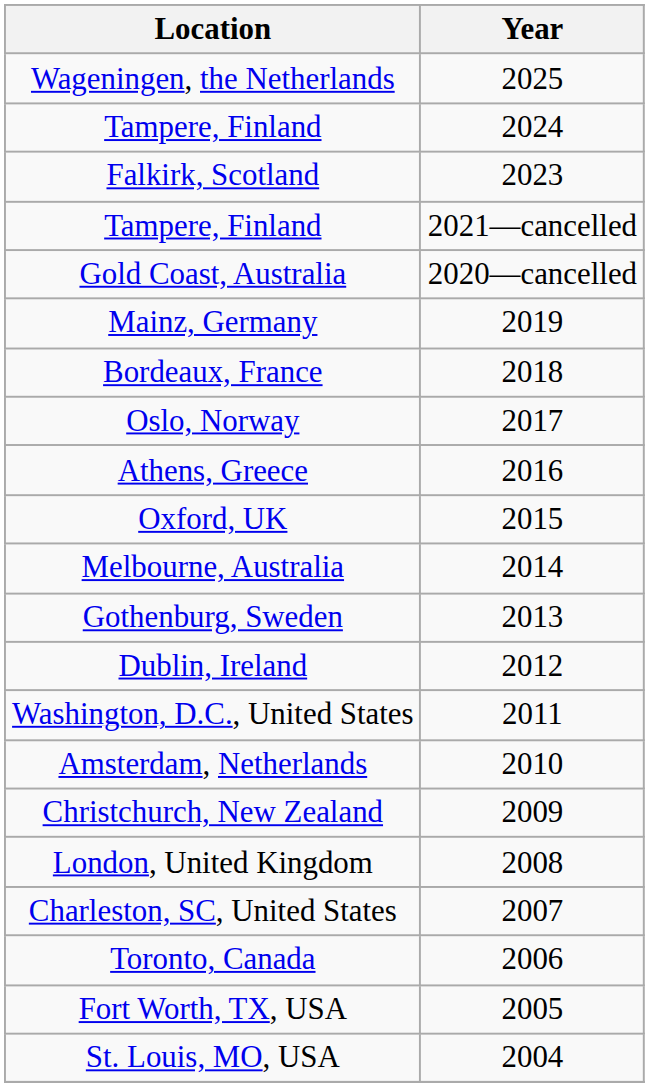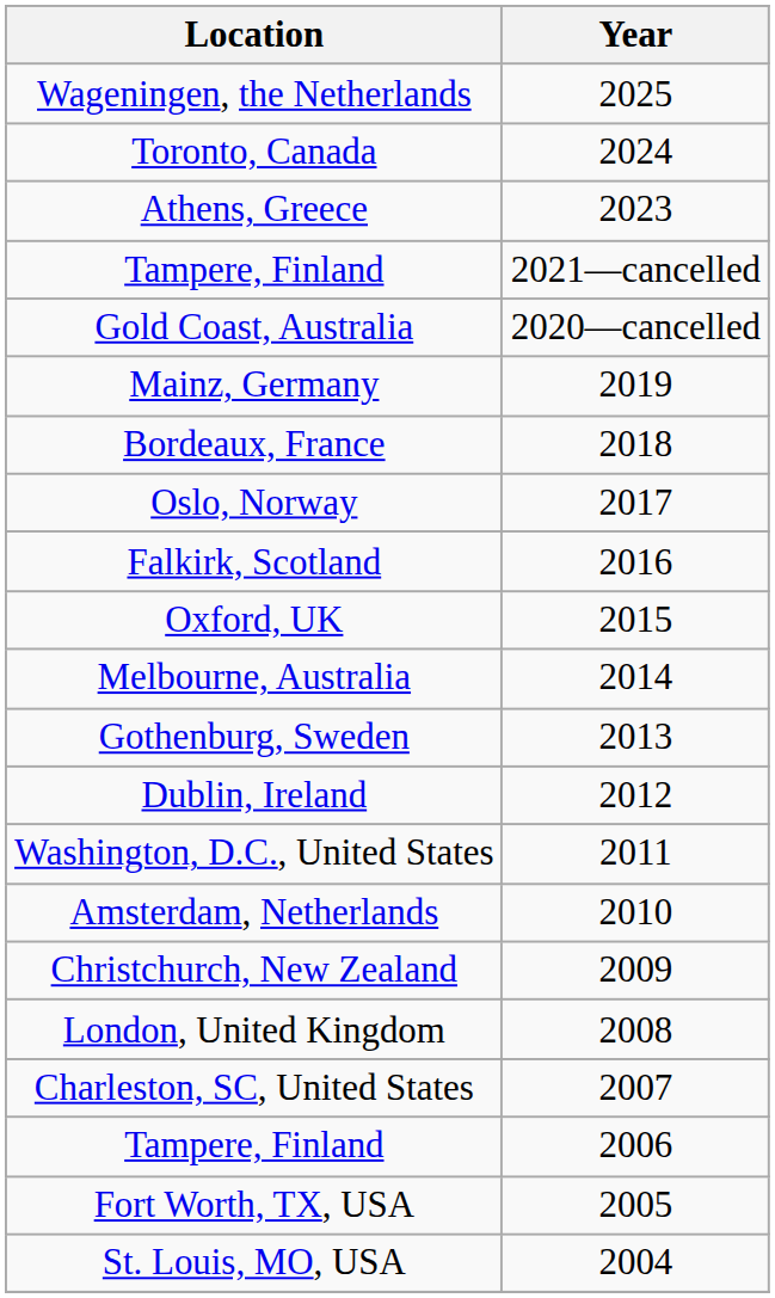 <table class="wikitable" style="text-align:center;">
 <tr>
 <th>Location</th>
 <th>Year</th>
 </tr>
 <tr>
 <td><a href='#'>Wageningen</a>, <a href='#'>the Netherlands</a></td>
 <td>2025</td>
 </tr>
 <tr>
-<td><a href='#'>Tampere, Finland</a></td>
+<td><a href='#'>Toronto, Canada</a></td>
 <td>2024</td>
 </tr>
 <tr>
-<td><a href='#'>Falkirk, Scotland</a></td>
+<td><a href='#'>Athens, Greece</a></td>
 <td>2023</td>
 </tr>
 <tr>
 <td><a href='#'>Tampere, Finland</a></td>
 <td>2021—cancelled</td>
 </tr>
 <tr>
 <td><a href='#'>Gold Coast, Australia</a></td>
 <td>2020—cancelled</td>
 </tr>
 <tr>
 <td><a href='#'>Mainz, Germany</a></td>
 <td>2019</td>
 </tr>
 <tr>
 <td><a href='#'>Bordeaux, France</a></td>
 <td>2018</td>
 </tr>
 <tr>
 <td><a href='#'>Oslo, Norway</a></td>
 <td>2017</td>
 </tr>
 <tr>
-<td><a href='#'>Athens, Greece</a></td>
+<td><a href='#'>Falkirk, Scotland</a></td>
 <td>2016</td>
 </tr>
 <tr>
 <td><a href='#'>Oxford, UK</a></td>
 <td>2015</td>
 </tr>
 <tr>
 <td><a href='#'>Melbourne, Australia</a></td>
 <td>2014</td>
 </tr>
 <tr>
 <td><a href='#'>Gothenburg, Sweden</a></td>
 <td>2013</td>
 </tr>
 <tr>
 <td><a href='#'>Dublin, Ireland</a></td>
 <td>2012</td>
 </tr>
 <tr>
 <td><a href='#'>Washington, D.C.</a>, United States</td>
 <td>2011</td>
 </tr>
 <tr>
 <td><a href='#'>Amsterdam</a>, <a href='#'>Netherlands</a></td>
 <td>2010</td>
 </tr>
 <tr>
 <td><a href='#'>Christchurch, New Zealand</a></td>
 <td>2009</td>
 </tr>
 <tr>
 <td><a href='#'>London</a>, United Kingdom</td>
 <td>2008</td>
 </tr>
 <tr>
 <td><a href='#'>Charleston, SC</a>, United States</td>
 <td>2007</td>
 </tr>
 <tr>
-<td><a href='#'>Toronto, Canada</a></td>
+<td><a href='#'>Tampere, Finland</a></td>
 <td>2006</td>
 </tr>
 <tr>
 <td><a href='#'>Fort Worth, TX</a>, USA</td>
 <td>2005</td>
 </tr>
 <tr>
 <td><a href='#'>St. Louis, MO</a>, USA</td>
 <td>2004</td>
 </tr>
 <tr>
 </tr>
 </table>
